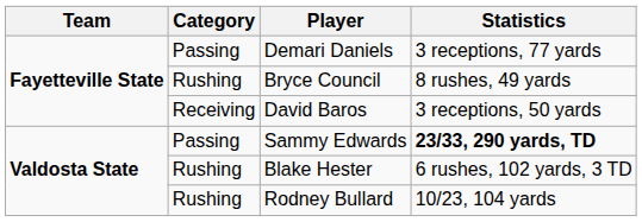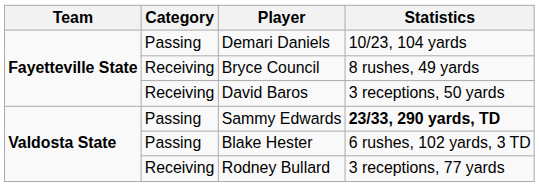 <table class="wikitable" style="float: left;">
 <tr>
 <th>Team</th>
 <th>Category</th>
 <th>Player</th>
 <th>Statistics</th>
 </tr>
 <tr>
 <td rowspan=3><strong>Fayetteville State</strong></td>
 <td>Passing</td>
 <td>Demari Daniels</td>
-<td>3 receptions, 77 yards</td>
+<td>10/23, 104 yards</td>
 </tr>
 <tr>
-<td>Rushing</td>
+<td>Receiving</td>
 <td>Bryce Council</td>
 <td>8 rushes, 49 yards</td>
 </tr>
 <tr>
 <td>Receiving</td>
 <td>David Baros</td>
 <td>3 receptions, 50 yards</td>
 </tr>
 <tr>
 <td rowspan=3><strong>Valdosta State</strong></td>
 <td>Passing</td>
 <td>Sammy Edwards</td>
 <td><strong>23/33, 290 yards, TD</strong></td>
 </tr>
 <tr>
-<td>Rushing</td>
+<td>Passing</td>
 <td>Blake Hester</td>
 <td>6 rushes, 102 yards, 3 TD</td>
 </tr>
 <tr>
-<td>Rushing</td>
+<td>Receiving</td>
 <td>Rodney Bullard</td>
-<td>10/23, 104 yards</td>
+<td>3 receptions, 77 yards</td>
 </tr>
 </table>
